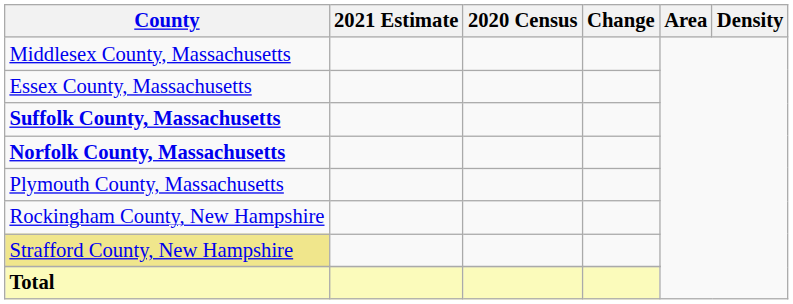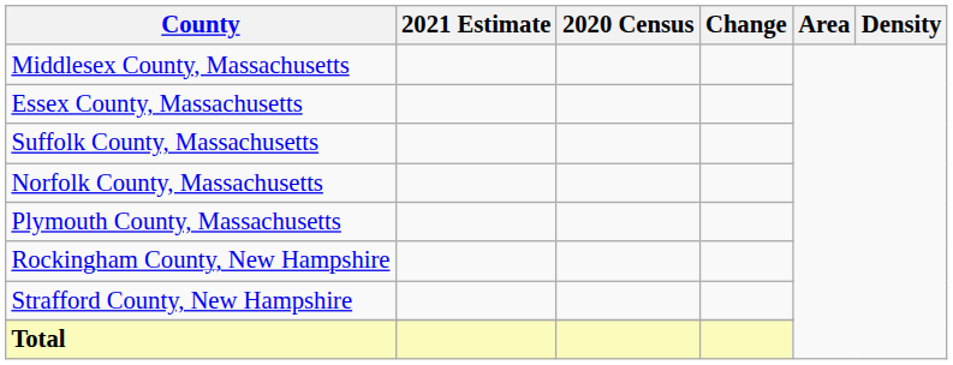 <table class="wikitable sortable">
 <tr>
 <th><a href='#'>County</a></th>
 <th>2021 Estimate</th>
 <th>2020 Census</th>
 <th>Change</th>
 <th>Area</th>
 <th>Density</th>
 </tr>
 <tr>
 <td><a href='#'>Middlesex County, Massachusetts</a></td>
 <td></td>
 <td></td>
 <td></td>
 </tr>
 <tr>
 <td><a href='#'>Essex County, Massachusetts</a></td>
 <td></td>
 <td></td>
 <td></td>
 </tr>
 <tr>
-<td><strong><a href='#'>Suffolk County, Massachusetts</a></strong></td>
+<td><a href='#'>Suffolk County, Massachusetts</a></td>
 <td></td>
 <td></td>
 <td></td>
 </tr>
 <tr>
-<td><strong><a href='#'>Norfolk County, Massachusetts</a></strong></td>
+<td><a href='#'>Norfolk County, Massachusetts</a></td>
 <td></td>
 <td></td>
 <td></td>
 </tr>
 <tr>
 <td><a href='#'>Plymouth County, Massachusetts</a></td>
 <td></td>
 <td></td>
 <td></td>
 </tr>
 <tr>
 <td><a href='#'>Rockingham County, New Hampshire</a></td>
 <td></td>
 <td></td>
 <td></td>
 </tr>
 <tr>
-<td style="background: khaki;"><a href='#'>Strafford County, New Hampshire</a></td>
+<td><a href='#'>Strafford County, New Hampshire</a></td>
 <td></td>
 <td></td>
 <td></td>
 </tr>
 <tr>
 </tr>
 <tr class=sortbottom style="background:#fbfbbb">
 <td><strong>Total</strong></td>
 <td></td>
 <td></td>
 <td></td>
 </tr>
 </table>
